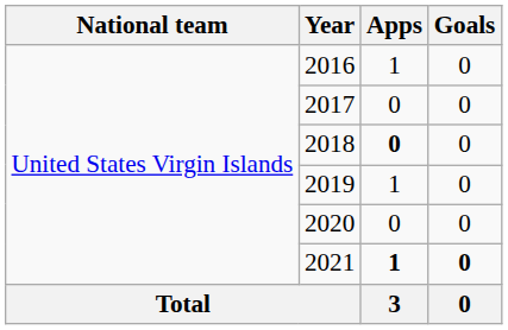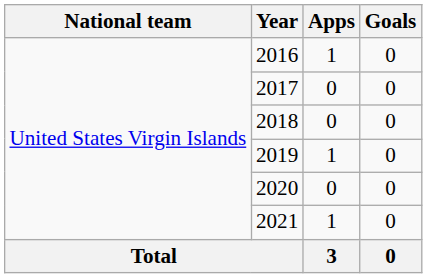 <table class="wikitable" style="text-align:center">
 <tr>
 <th>National team</th>
 <th>Year</th>
 <th>Apps</th>
 <th>Goals</th>
 </tr>
 <tr>
 <td rowspan="6"><a href='#'>United States Virgin Islands</a></td>
 <td>2016</td>
 <td>1</td>
 <td>0</td>
 </tr>
 <tr>
 <td>2017</td>
 <td>0</td>
 <td>0</td>
 </tr>
 <tr>
 <td>2018</td>
-<td><strong>0</strong></td>
+<td>0</td>
 <td>0</td>
 </tr>
 <tr>
 <td>2019</td>
 <td>1</td>
 <td>0</td>
 </tr>
 <tr>
 <td>2020</td>
 <td>0</td>
 <td>0</td>
 </tr>
 <tr>
 <td>2021</td>
-<td><strong>1</strong></td>
-<td><strong>0</strong></td>
+<td>1</td>
+<td>0</td>
 </tr>
 <tr>
 <th colspan="2">Total</th>
 <th>3</th>
 <th>0</th>
 </tr>
 </table>
